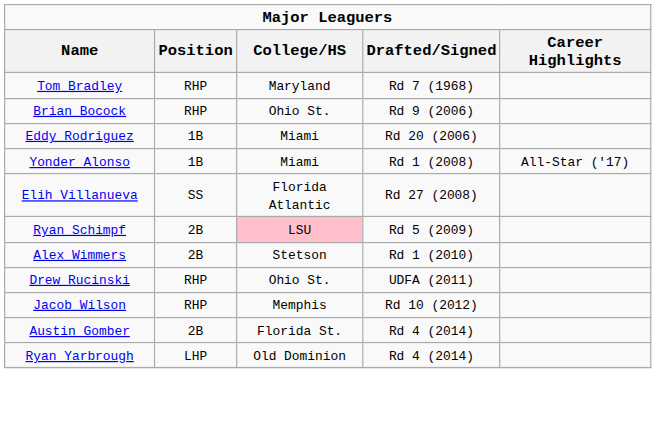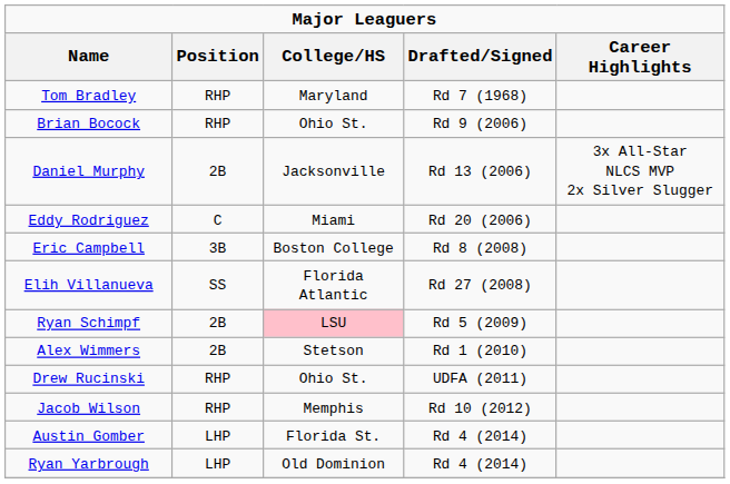 <table class="wikitable" style="text-align:center">
 <tr>
 <td colspan="5"><strong>Major Leaguers</strong></td>
 </tr>
 <tr>
 <th width=120px>Name</th>
 <th width=40px>Position</th>
 <th width=100px>College/HS</th>
 <th width=100px>Drafted/Signed</th>
 <th width=120px>Career Highlights</th>
 </tr>
 <tr>
 <td><a href='#'><small>Tom Bradley</small></a></td>
 <td><small>RHP</small></td>
 <td><small>Maryland</small></td>
 <td><small>Rd 7 (1968)</small></td>
 <td></td>
 </tr>
 <tr>
 <td><a href='#'><small>Brian Bocock</small></a></td>
 <td><small>RHP</small></td>
 <td><small>Ohio St.</small></td>
 <td><small>Rd 9 (2006)</small></td>
 <td></td>
 </tr>
 <tr>
+<td><a href='#'><small>Daniel Murphy</small></a></td>
+<td><small>2B</small></td>
+<td><small>Jacksonville</small></td>
+<td><small>Rd 13 (2006)</small></td>
+<td><small>3x All-Star<br>NLCS MVP<br>2x Silver Slugger</small></td>
+</tr>
+<tr>
 <td><a href='#'><small>Eddy Rodriguez</small></a></td>
-<td><small>1B</small></td>
+<td><small>C</small></td>
 <td><small>Miami</small></td>
 <td><small>Rd 20 (2006)</small></td>
 <td></td>
 </tr>
 <tr>
-<td><a href='#'><small>Yonder Alonso</small></a></td>
-<td><small>1B</small></td>
-<td><small>Miami</small></td>
-<td><small>Rd 1 (2008)</small></td>
-<td><small>All-Star ('17)</small></td>
+<td><a href='#'><small>Eric Campbell</small></a></td>
+<td><small>3B</small></td>
+<td><small>Boston College</small></td>
+<td><small>Rd 8 (2008)</small></td>
+<td></td>
 </tr>
 <tr>
 <td><a href='#'><small>Elih Villanueva</small></a></td>
 <td><small>SS</small></td>
 <td><small>Florida Atlantic</small></td>
 <td><small>Rd 27 (2008)</small></td>
 <td></td>
 </tr>
 <tr>
 <td><a href='#'><small>Ryan Schimpf</small></a></td>
 <td><small>2B</small></td>
 <td style="background: pink;"><small>LSU</small></td>
 <td><small>Rd 5 (2009)</small></td>
 <td></td>
 </tr>
 <tr>
 <td><a href='#'><small>Alex Wimmers</small></a></td>
 <td><small>2B</small></td>
 <td><small>Stetson</small></td>
 <td><small>Rd 1 (2010)</small></td>
 <td></td>
 </tr>
 <tr>
 <td><a href='#'><small>Drew Rucinski</small></a></td>
 <td><small>RHP</small></td>
 <td><small>Ohio St.</small></td>
 <td><small>UDFA (2011)</small></td>
 <td></td>
 </tr>
 <tr>
 <td><a href='#'><small>Jacob Wilson</small></a></td>
 <td><small>RHP</small></td>
 <td><small>Memphis</small></td>
 <td><small>Rd 10 (2012)</small></td>
 <td></td>
 </tr>
 <tr>
 <td><a href='#'><small>Austin Gomber</small></a></td>
-<td><small>2B</small></td>
+<td><small>LHP</small></td>
 <td><small>Florida St.</small></td>
 <td><small>Rd 4 (2014)</small></td>
 <td></td>
 </tr>
 <tr>
 <td><a href='#'><small>Ryan Yarbrough</small></a></td>
 <td><small>LHP</small></td>
 <td><small>Old Dominion</small></td>
 <td><small>Rd 4 (2014)</small></td>
 <td></td>
 </tr>
 <tr>
 </tr>
 </table>
